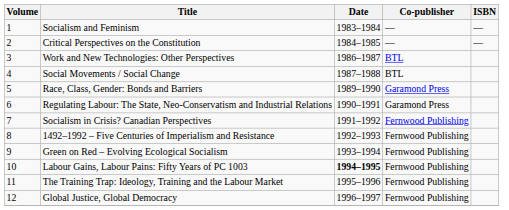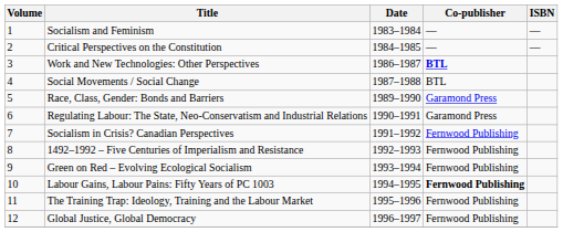 <table class=wikitable>
 <tr>
 <th>Volume</th>
 <th>Title</th>
 <th>Date</th>
 <th>Co-publisher</th>
 <th>ISBN</th>
 </tr>
 <tr>
 <td>1</td>
 <td>Socialism and Feminism</td>
 <td>1983–1984</td>
 <td>—</td>
 <td>—</td>
 </tr>
 <tr>
 <td>2</td>
 <td>Critical Perspectives on the Constitution</td>
 <td>1984–1985</td>
 <td>—</td>
 <td>—</td>
 </tr>
 <tr>
 <td>3</td>
 <td>Work and New Technologies: Other Perspectives</td>
 <td>1986–1987</td>
-<td><a href='#'>BTL</a></td>
+<td><strong><a href='#'>BTL</a></strong></td>
 <td></td>
 </tr>
 <tr>
 <td>4</td>
 <td>Social Movements / Social Change</td>
 <td>1987–1988</td>
 <td>BTL</td>
 <td></td>
 </tr>
 <tr>
 <td>5</td>
 <td>Race, Class, Gender: Bonds and Barriers</td>
 <td>1989–1990</td>
 <td><a href='#'>Garamond Press</a></td>
 <td></td>
 </tr>
 <tr>
 <td>6</td>
 <td>Regulating Labour: The State, Neo-Conservatism and Industrial Relations</td>
 <td>1990–1991</td>
 <td>Garamond Press</td>
 <td></td>
 </tr>
 <tr>
 <td>7</td>
 <td>Socialism in Crisis? Canadian Perspectives</td>
 <td>1991–1992</td>
 <td><a href='#'>Fernwood Publishing</a></td>
 <td></td>
 </tr>
 <tr>
 <td>8</td>
 <td>1492–1992 – Five Centuries of Imperialism and Resistance</td>
 <td>1992–1993</td>
 <td>Fernwood Publishing</td>
 <td></td>
 </tr>
 <tr>
 <td>9</td>
 <td>Green on Red – Evolving Ecological Socialism</td>
 <td>1993–1994</td>
 <td>Fernwood Publishing</td>
 <td></td>
 </tr>
 <tr>
 <td>10</td>
 <td>Labour Gains, Labour Pains: Fifty Years of PC 1003</td>
-<td><strong>1994–1995</strong></td>
-<td>Fernwood Publishing</td>
+<td>1994–1995</td>
+<td><strong>Fernwood Publishing</strong></td>
 <td></td>
 </tr>
 <tr>
 <td>11</td>
 <td>The Training Trap: Ideology, Training and the Labour Market</td>
 <td>1995–1996</td>
 <td>Fernwood Publishing</td>
 <td></td>
 </tr>
 <tr>
 <td>12</td>
 <td>Global Justice, Global Democracy</td>
 <td>1996–1997</td>
 <td>Fernwood Publishing</td>
 <td></td>
 </tr>
 <tr>
 </tr>
 </table>
